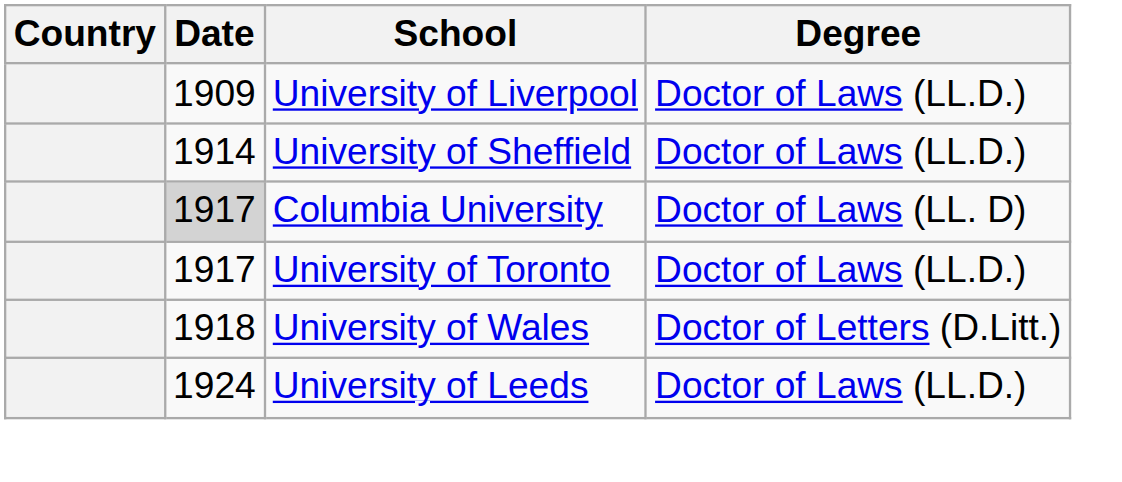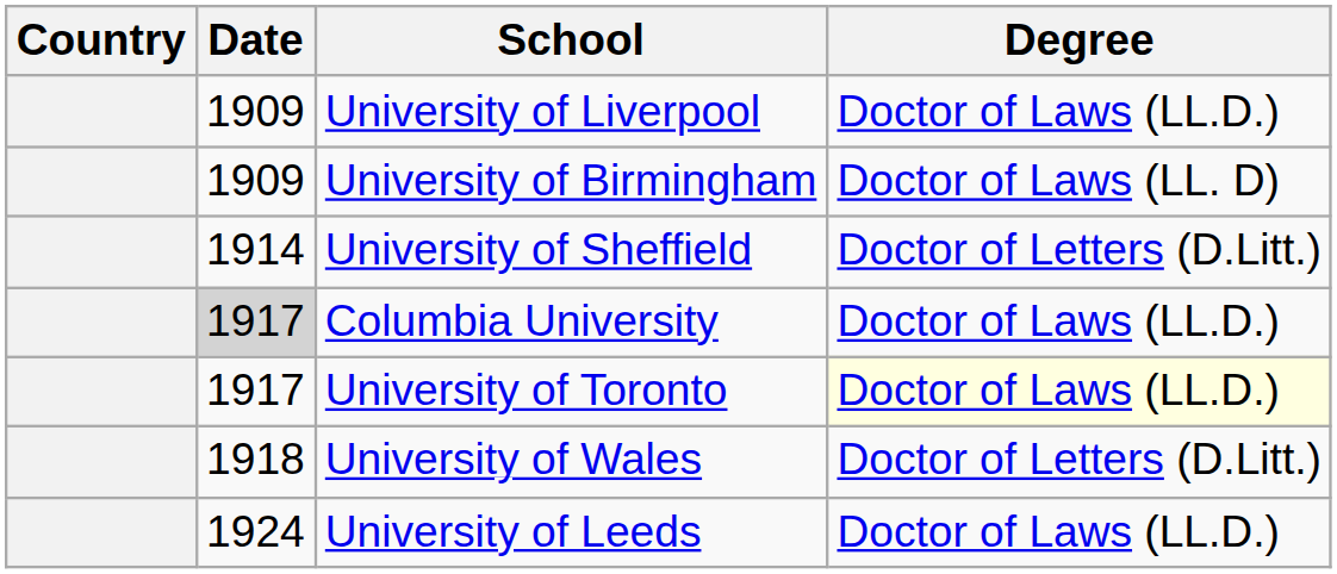 <table class="wikitable">
 <tr>
 <th scope="col">Country</th>
 <th scope="col">Date</th>
 <th scope="col">School</th>
 <th scope="col">Degree</th>
 </tr>
 <tr>
 <th scope="row"></th>
 <td>1909</td>
 <td><a href='#'>University of Liverpool</a></td>
 <td><a href='#'>Doctor of Laws</a> (LL.D.)</td>
 </tr>
 <tr>
 <th scope="row"></th>
+<td>1909</td>
+<td><a href='#'>University of Birmingham</a></td>
+<td><a href='#'>Doctor of Laws</a> (LL. D)</td>
+</tr>
+<tr>
+<th scope="row"></th>
 <td>1914</td>
 <td><a href='#'>University of Sheffield</a></td>
-<td><a href='#'>Doctor of Laws</a> (LL.D.)</td>
+<td><a href='#'>Doctor of Letters</a> (D.Litt.)</td>
 </tr>
 <tr>
 <th scope="row"></th>
 <td style="background: lightgrey;">1917</td>
 <td><a href='#'>Columbia University</a></td>
-<td><a href='#'>Doctor of Laws</a> (LL. D)</td>
+<td><a href='#'>Doctor of Laws</a> (LL.D.)</td>
 </tr>
 <tr>
 <th scope="row"></th>
 <td>1917</td>
 <td><a href='#'>University of Toronto</a></td>
-<td><a href='#'>Doctor of Laws</a> (LL.D.)</td>
+<td style="background: lightyellow;"><a href='#'>Doctor of Laws</a> (LL.D.)</td>
 </tr>
 <tr>
 <th scope="row"></th>
 <td>1918</td>
 <td><a href='#'>University of Wales</a></td>
 <td><a href='#'>Doctor of Letters</a> (D.Litt.)</td>
 </tr>
 <tr>
 <th scope="row"></th>
 <td>1924</td>
 <td><a href='#'>University of Leeds</a></td>
 <td><a href='#'>Doctor of Laws</a> (LL.D.)</td>
 </tr>
 </table>
